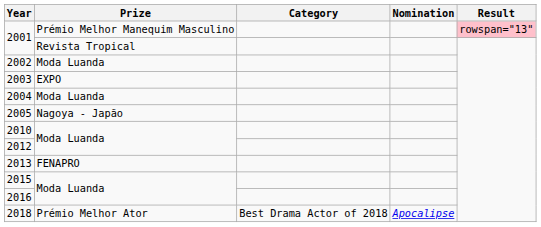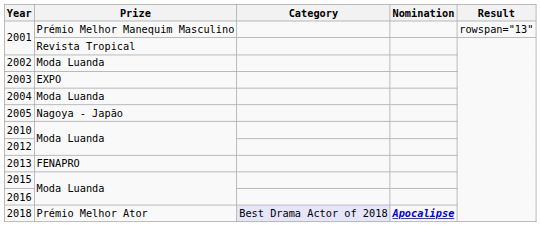 <table class="wikitable">
 <tr>
 <th>Year</th>
 <th>Prize</th>
 <th>Category</th>
 <th>Nomination</th>
 <th>Result</th>
 </tr>
 <tr>
 <td rowspan="2">2001</td>
 <td>Prémio Melhor Manequim Masculino</td>
 <td></td>
 <td></td>
-<td style="background: pink;">rowspan="13" </td>
+<td>rowspan="13" </td>
 </tr>
 <tr>
 <td>Revista Tropical</td>
 <td></td>
 <td></td>
 </tr>
 <tr>
 <td>2002</td>
 <td>Moda Luanda</td>
 <td></td>
 <td></td>
 </tr>
 <tr>
 <td>2003</td>
 <td>EXPO</td>
 <td></td>
 <td></td>
 </tr>
 <tr>
 <td>2004</td>
 <td>Moda Luanda</td>
 <td></td>
 <td></td>
 </tr>
 <tr>
 <td>2005</td>
 <td>Nagoya - Japão</td>
 <td></td>
 <td></td>
 </tr>
 <tr>
 <td>2010</td>
 <td rowspan="2">Moda Luanda</td>
 <td></td>
 <td></td>
 </tr>
 <tr>
 <td>2012</td>
 <td></td>
 <td></td>
 </tr>
 <tr>
 <td>2013</td>
 <td>FENAPRO</td>
 <td></td>
 <td></td>
 </tr>
 <tr>
 <td>2015</td>
 <td rowspan="2">Moda Luanda</td>
 <td></td>
 <td></td>
 </tr>
 <tr>
 <td>2016</td>
 <td></td>
 <td></td>
 </tr>
 <tr>
 <td>2018</td>
 <td>Prémio Melhor Ator</td>
-<td>Best Drama Actor of 2018</td>
-<td><em><a href='#'>Apocalipse</a></em></td>
+<td style="background: lavender;">Best Drama Actor of 2018</td>
+<td><strong><em><a href='#'>Apocalipse</a></em></strong></td>
 </tr>
 </table>
